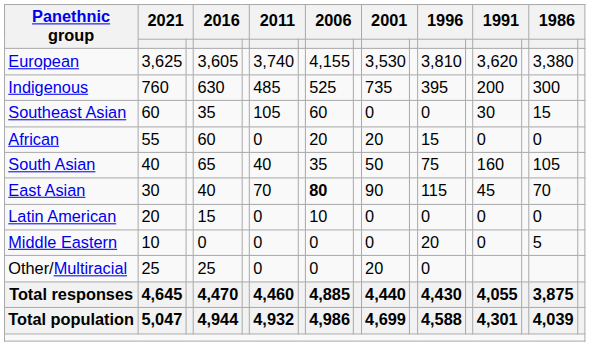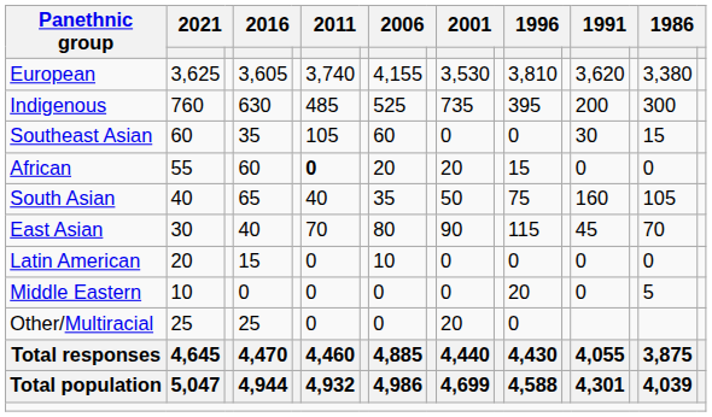 <table class="wikitable collapsible sortable">
 <tr>
 <th rowspan="2"><a href='#'>Panethnic</a><br>group</th>
 <th colspan="2">2021</th>
 <th colspan="2">2016</th>
 <th colspan="2">2011</th>
 <th colspan="2">2006</th>
 <th colspan="2">2001</th>
 <th colspan="2">1996</th>
 <th colspan="2">1991</th>
 <th colspan="2">1986</th>
 </tr>
 <tr>
 <th><a href='#'></a></th>
 <th></th>
 <th></th>
 <th></th>
 <th></th>
 <th></th>
 <th></th>
 <th></th>
 <th></th>
 <th></th>
 <th></th>
 <th></th>
 <th></th>
 <th></th>
 <th></th>
 <th></th>
 </tr>
 <tr>
 <td><a href='#'>European</a></td>
 <td>3,625</td>
 <td></td>
 <td>3,605</td>
 <td></td>
 <td>3,740</td>
 <td></td>
 <td>4,155</td>
 <td></td>
 <td>3,530</td>
 <td></td>
 <td>3,810</td>
 <td></td>
 <td>3,620</td>
 <td></td>
 <td>3,380</td>
 <td></td>
 </tr>
 <tr>
 <td><a href='#'>Indigenous</a></td>
 <td>760</td>
 <td></td>
 <td>630</td>
 <td></td>
 <td>485</td>
 <td></td>
 <td>525</td>
 <td></td>
 <td>735</td>
 <td></td>
 <td>395</td>
 <td></td>
 <td>200</td>
 <td></td>
 <td>300</td>
 <td></td>
 </tr>
 <tr>
 <td><a href='#'>Southeast Asian</a></td>
 <td>60</td>
 <td></td>
 <td>35</td>
 <td></td>
 <td>105</td>
 <td></td>
 <td>60</td>
 <td></td>
 <td>0</td>
 <td></td>
 <td>0</td>
 <td></td>
 <td>30</td>
 <td></td>
 <td>15</td>
 <td></td>
 </tr>
 <tr>
 <td><a href='#'>African</a></td>
 <td>55</td>
 <td></td>
 <td>60</td>
 <td></td>
-<td>0</td>
+<td><strong>0</strong></td>
 <td></td>
 <td>20</td>
 <td></td>
 <td>20</td>
 <td></td>
 <td>15</td>
 <td></td>
 <td>0</td>
 <td></td>
 <td>0</td>
 <td></td>
 </tr>
 <tr>
 <td><a href='#'>South Asian</a></td>
 <td>40</td>
 <td></td>
 <td>65</td>
 <td></td>
 <td>40</td>
 <td></td>
 <td>35</td>
 <td></td>
 <td>50</td>
 <td></td>
 <td>75</td>
 <td></td>
 <td>160</td>
 <td></td>
 <td>105</td>
 <td></td>
 </tr>
 <tr>
 <td><a href='#'>East Asian</a></td>
 <td>30</td>
 <td></td>
 <td>40</td>
 <td></td>
 <td>70</td>
 <td></td>
-<td><strong>80</strong></td>
+<td>80</td>
 <td></td>
 <td>90</td>
 <td></td>
 <td>115</td>
 <td></td>
 <td>45</td>
 <td></td>
 <td>70</td>
 <td></td>
 </tr>
 <tr>
 <td><a href='#'>Latin American</a></td>
 <td>20</td>
 <td></td>
 <td>15</td>
 <td></td>
 <td>0</td>
 <td></td>
 <td>10</td>
 <td></td>
 <td>0</td>
 <td></td>
 <td>0</td>
 <td></td>
 <td>0</td>
 <td></td>
 <td>0</td>
 <td></td>
 </tr>
 <tr>
 <td><a href='#'>Middle Eastern</a></td>
 <td>10</td>
 <td></td>
 <td>0</td>
 <td></td>
 <td>0</td>
 <td></td>
 <td>0</td>
 <td></td>
 <td>0</td>
 <td></td>
 <td>20</td>
 <td></td>
 <td>0</td>
 <td></td>
 <td>5</td>
 <td></td>
 </tr>
 <tr>
 <td>Other/<a href='#'>Multiracial</a></td>
 <td>25</td>
 <td></td>
 <td>25</td>
 <td></td>
 <td>0</td>
 <td></td>
 <td>0</td>
 <td></td>
 <td>20</td>
 <td></td>
 <td>0</td>
 <td></td>
 <td></td>
 <td></td>
 <td></td>
 <td></td>
 </tr>
 <tr>
 <th>Total responses</th>
 <th>4,645</th>
 <th></th>
 <th>4,470</th>
 <th></th>
 <th>4,460</th>
 <th></th>
 <th>4,885</th>
 <th></th>
 <th>4,440</th>
 <th></th>
 <th>4,430</th>
 <th></th>
 <th>4,055</th>
 <th></th>
 <th>3,875</th>
 <th></th>
 </tr>
 <tr>
 <th>Total population</th>
 <th>5,047</th>
 <th></th>
 <th>4,944</th>
 <th></th>
 <th>4,932</th>
 <th></th>
 <th>4,986</th>
 <th></th>
 <th>4,699</th>
 <th></th>
 <th>4,588</th>
 <th></th>
 <th>4,301</th>
 <th></th>
 <th>4,039</th>
 <th></th>
 </tr>
 <tr class="sortbottom">
 <td colspan="20"></td>
 </tr>
 </table>
